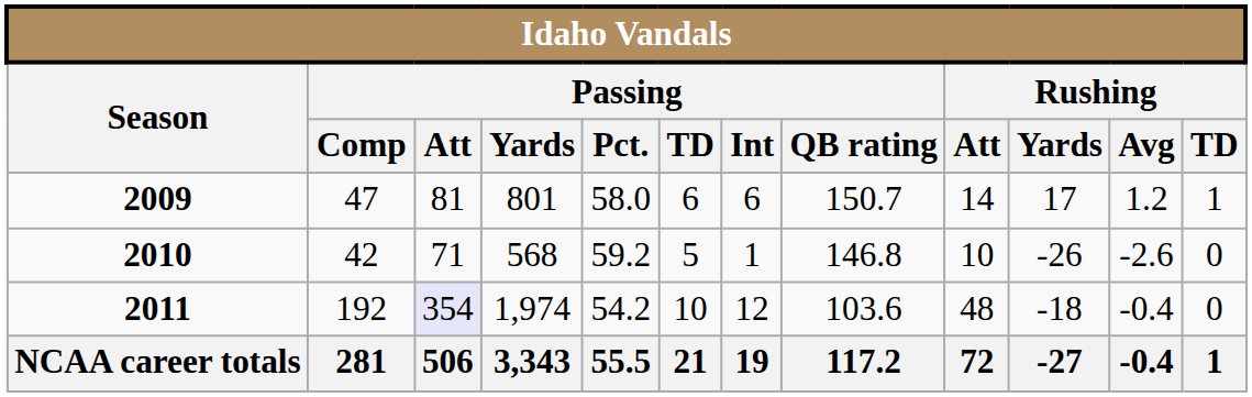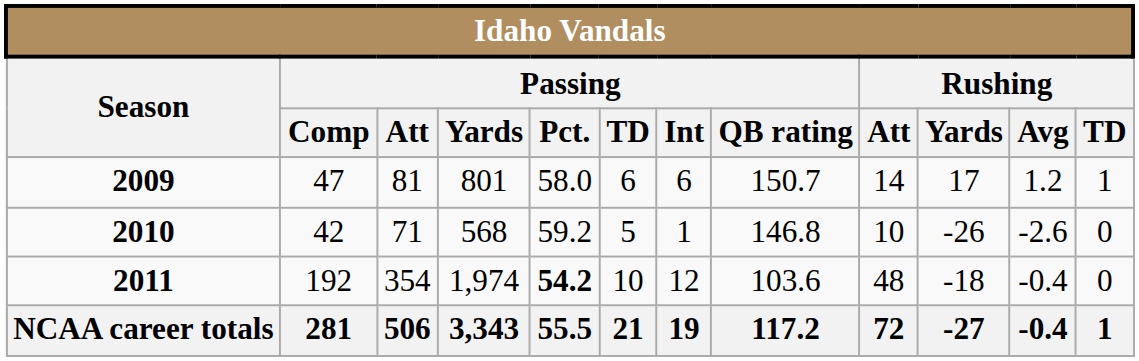 <table class=wikitable style="text-align:center;">
 <tr>
 <td ! colspan="12" style="background: #B18E5F; border: 2px solid black; color:white;"><strong>Idaho Vandals</strong></td>
 </tr>
 <tr>
 <th rowspan=2>Season</th>
 <th colspan=7>Passing</th>
 <th colspan=4>Rushing</th>
 </tr>
 <tr>
 <th>Comp</th>
 <th>Att</th>
 <th>Yards</th>
 <th>Pct.</th>
 <th>TD</th>
 <th>Int</th>
 <th>QB rating</th>
 <th>Att</th>
 <th>Yards</th>
 <th>Avg</th>
 <th>TD</th>
 </tr>
 <tr>
 <td><strong>2009</strong></td>
 <td>47</td>
 <td>81</td>
 <td>801</td>
 <td>58.0</td>
 <td>6</td>
 <td>6</td>
 <td>150.7</td>
 <td>14</td>
 <td>17</td>
 <td>1.2</td>
 <td>1</td>
 </tr>
 <tr>
 <td><strong>2010</strong></td>
 <td>42</td>
 <td>71</td>
 <td>568</td>
 <td>59.2</td>
 <td>5</td>
 <td>1</td>
 <td>146.8</td>
 <td>10</td>
 <td>-26</td>
 <td>-2.6</td>
 <td>0</td>
 </tr>
 <tr>
 <td><strong>2011</strong></td>
 <td>192</td>
-<td style="background: lavender;">354</td>
+<td>354</td>
 <td>1,974</td>
-<td>54.2</td>
+<td><strong>54.2</strong></td>
 <td>10</td>
 <td>12</td>
 <td>103.6</td>
 <td>48</td>
 <td>-18</td>
 <td>-0.4</td>
 <td>0</td>
 </tr>
 <tr>
 <th>NCAA career totals</th>
 <th>281</th>
 <th>506</th>
 <th>3,343</th>
 <th>55.5</th>
 <th>21</th>
 <th>19</th>
 <th>117.2</th>
 <th>72</th>
 <th>-27</th>
 <th>-0.4</th>
 <th>1</th>
 </tr>
 </table>
